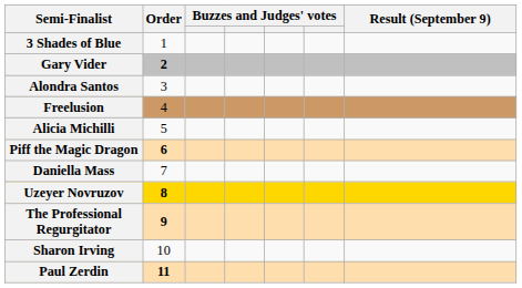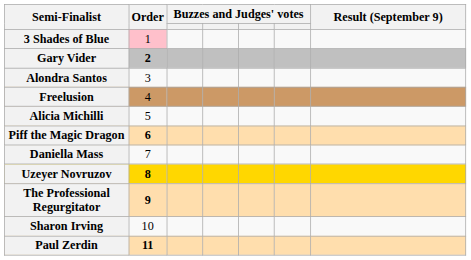 <table class="wikitable plainrowheaders sortable" style="text-align:center;">
 <tr>
 <th scope="col" rowspan="2" class="unsortable" style="width:17em;">Semi-Finalist</th>
 <th scope="col" rowspan="2" style="width:1em;">Order</th>
 <th scope="col" colspan="4" class="unsortable" style="width:24em;">Buzzes and Judges' votes</th>
 <th scope="col" rowspan="2" style="width:25em;">Result (September 9)</th>
 </tr>
 <tr>
 <th scope="col" class="unsortable" style="width:6em;"></th>
 <th scope="col" class="unsortable" style="width:6em;"></th>
 <th scope="col" class="unsortable" style="width:6em;"></th>
 <th scope="col" class="unsortable" style="width:6em;"></th>
 </tr>
 <tr>
 <th scope="row">3 Shades of Blue</th>
-<td>1</td>
+<td style="background: pink;">1</td>
 <td style="text-align:center;"></td>
 <td style="text-align:center;"></td>
 <td style="text-align:center;"></td>
 <td style="text-align:center;"></td>
 <td></td>
 </tr>
 <tr style="background:silver">
 <th scope="row"><strong>Gary Vider</strong></th>
 <td><strong>2</strong></td>
 <td style="text-align:center;"></td>
 <td style="text-align:center;"></td>
 <td style="text-align:center;"></td>
 <td style="text-align:center;"></td>
 <td><strong></strong></td>
 </tr>
 <tr>
 <th scope="row">Alondra Santos</th>
 <td>3</td>
 <td style="text-align:center;"></td>
 <td style="text-align:center;"></td>
 <td style="text-align:center;"></td>
 <td style="text-align:center;"></td>
 <td></td>
 </tr>
 <tr style="background:#c96">
 <th scope="row">Freelusion</th>
 <td>4</td>
 <td style="text-align:center;"></td>
 <td style="text-align:center;"></td>
 <td style="text-align:center;"></td>
 <td style="text-align:center;"></td>
 <td></td>
 </tr>
 <tr>
 <th scope="row">Alicia Michilli</th>
 <td>5</td>
 <td style="text-align:center;"></td>
 <td style="text-align:center;"></td>
 <td style="text-align:center;"></td>
 <td style="text-align:center;"></td>
 <td></td>
 </tr>
 <tr style="background:NavajoWhite">
 <th scope="row"><strong>Piff the Magic Dragon</strong></th>
 <td><strong>6</strong></td>
 <td style="text-align:center;"></td>
 <td style="text-align:center;"></td>
 <td style="text-align:center;"></td>
 <td style="text-align:center;"></td>
 <td><strong></strong></td>
 </tr>
 <tr>
 <th scope="row">Daniella Mass</th>
 <td>7</td>
 <td style="text-align:center;"></td>
 <td style="text-align:center;"></td>
 <td style="text-align:center;"></td>
 <td style="text-align:center;"></td>
 <td></td>
 </tr>
 <tr style="background:gold">
 <th scope="row"><strong>Uzeyer Novruzov</strong></th>
 <td><strong>8</strong></td>
 <td style="text-align:center;"></td>
 <td style="text-align:center;"></td>
 <td style="text-align:center;"></td>
 <td style="text-align:center;"></td>
 <td><strong></strong></td>
 </tr>
 <tr style="background:NavajoWhite">
 <th scope="row"><strong>The Professional Regurgitator</strong></th>
 <td><strong>9</strong></td>
 <td style="text-align:center;"></td>
 <td style="text-align:center;"></td>
 <td style="text-align:center;"></td>
 <td style="text-align:center;"></td>
 <td><strong></strong></td>
 </tr>
 <tr>
 <th scope="row">Sharon Irving</th>
 <td>10</td>
 <td style="text-align:center;"></td>
 <td style="text-align:center;"></td>
 <td style="text-align:center;"></td>
 <td style="text-align:center;"></td>
 <td></td>
 </tr>
 <tr style="background:NavajoWhite">
 <th scope="row"><strong>Paul Zerdin</strong></th>
 <td><strong>11</strong></td>
 <td style="text-align:center;"></td>
 <td style="text-align:center;"></td>
 <td style="text-align:center;"></td>
 <td style="text-align:center;"></td>
 <td><strong></strong></td>
 </tr>
 </table>
